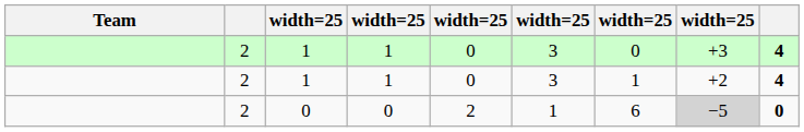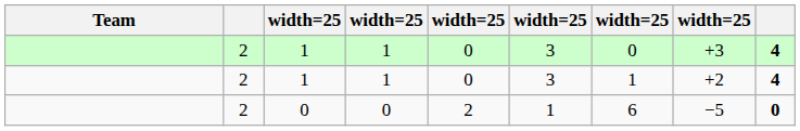 <table class="wikitable sortable" style="text-align: center; font-size: 90%;">
 <tr>
 <th width=165>Team</th>
 <th width=25></th>
 <th>width=25</th>
 <th>width=25</th>
 <th>width=25</th>
 <th>width=25</th>
 <th>width=25</th>
 <th>width=25</th>
 <th width=25></th>
 </tr>
 <tr style="background:#ccffcc">
 <td style="text-align:left;"></td>
 <td>2</td>
 <td>1</td>
 <td>1</td>
 <td>0</td>
 <td>3</td>
 <td>0</td>
 <td>+3</td>
 <td><strong>4</strong></td>
 </tr>
 <tr>
 <td style="text-align:left;"></td>
 <td>2</td>
 <td>1</td>
 <td>1</td>
 <td>0</td>
 <td>3</td>
 <td>1</td>
 <td>+2</td>
 <td><strong>4</strong></td>
 </tr>
 <tr>
 <td style="text-align:left;"></td>
 <td>2</td>
 <td>0</td>
 <td>0</td>
 <td>2</td>
 <td>1</td>
 <td>6</td>
-<td style="background: lightgrey;">−5</td>
+<td>−5</td>
 <td><strong>0</strong></td>
 </tr>
 </table>
